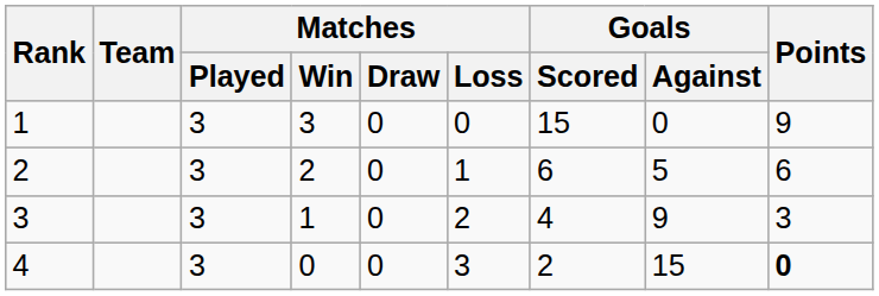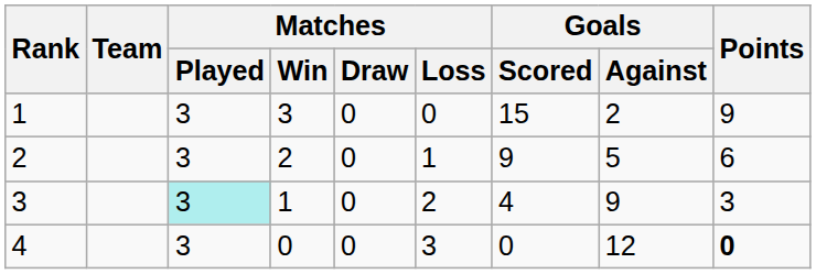 <table class="wikitable">
 <tr>
 <th rowspan=2>Rank</th>
 <th rowspan=2>Team</th>
 <th colspan=4>Matches</th>
 <th colspan=2>Goals</th>
 <th rowspan=2>Points<br></th>
 </tr>
 <tr>
 <th>Played</th>
 <th>Win</th>
 <th>Draw</th>
 <th>Loss</th>
 <th>Scored</th>
 <th>Against</th>
 </tr>
 <tr>
 <td>1</td>
 <td></td>
 <td>3</td>
 <td>3</td>
 <td>0</td>
 <td>0</td>
 <td>15</td>
-<td>0</td>
+<td>2</td>
 <td>9</td>
 </tr>
 <tr>
 <td>2</td>
 <td></td>
 <td>3</td>
 <td>2</td>
 <td>0</td>
 <td>1</td>
-<td>6</td>
+<td>9</td>
 <td>5</td>
 <td>6</td>
 </tr>
 <tr>
 <td>3</td>
 <td></td>
-<td>3</td>
+<td style="background: paleturquoise;">3</td>
 <td>1</td>
 <td>0</td>
 <td>2</td>
 <td>4</td>
 <td>9</td>
 <td>3</td>
 </tr>
 <tr>
 <td>4</td>
 <td></td>
 <td>3</td>
 <td>0</td>
 <td>0</td>
 <td>3</td>
-<td>2</td>
-<td>15</td>
+<td>0</td>
+<td>12</td>
 <td><strong>0</strong></td>
 </tr>
 </table>
